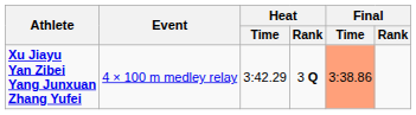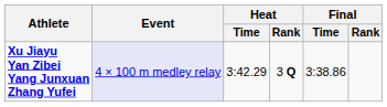 <table class=wikitable style="font-size:90%">
 <tr>
 <th rowspan="2">Athlete</th>
 <th rowspan="2">Event</th>
 <th colspan="2">Heat</th>
 <th colspan="2">Final</th>
 </tr>
 <tr style="font-size:95%">
 <th>Time</th>
 <th>Rank</th>
 <th>Time</th>
 <th>Rank</th>
 </tr>
 <tr align=center>
 <td align=left><strong><a href='#'>Xu Jiayu</a><br><a href='#'>Yan Zibei</a><br><a href='#'>Yang Junxuan</a><br><a href='#'>Zhang Yufei</a></strong></td>
-<td align=left><a href='#'>4 × 100 m medley relay</a></td>
+<td align=left style="background: lavender;"><a href='#'>4 × 100 m medley relay</a></td>
 <td>3:42.29</td>
 <td>3 <strong>Q</strong></td>
-<td style="background: lightsalmon;">3:38.86</td>
+<td>3:38.86</td>
 <td></td>
 </tr>
 </table>
